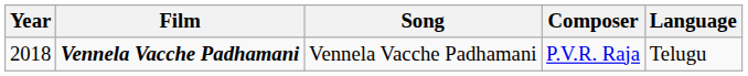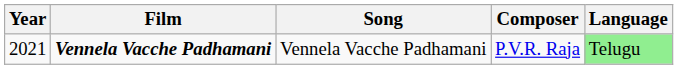 <table class="wikitable sortable">
 <tr>
 <th>Year</th>
 <th>Film</th>
 <th>Song</th>
 <th>Composer</th>
 <th>Language</th>
 </tr>
 <tr>
-<td>2018</td>
+<td>2021</td>
 <td><strong><em>Vennela Vacche Padhamani </em></strong></td>
 <td>Vennela Vacche Padhamani</td>
 <td><a href='#'>P.V.R. Raja</a></td>
-<td>Telugu</td>
+<td style="background: lightgreen;">Telugu</td>
 </tr>
 </table>
